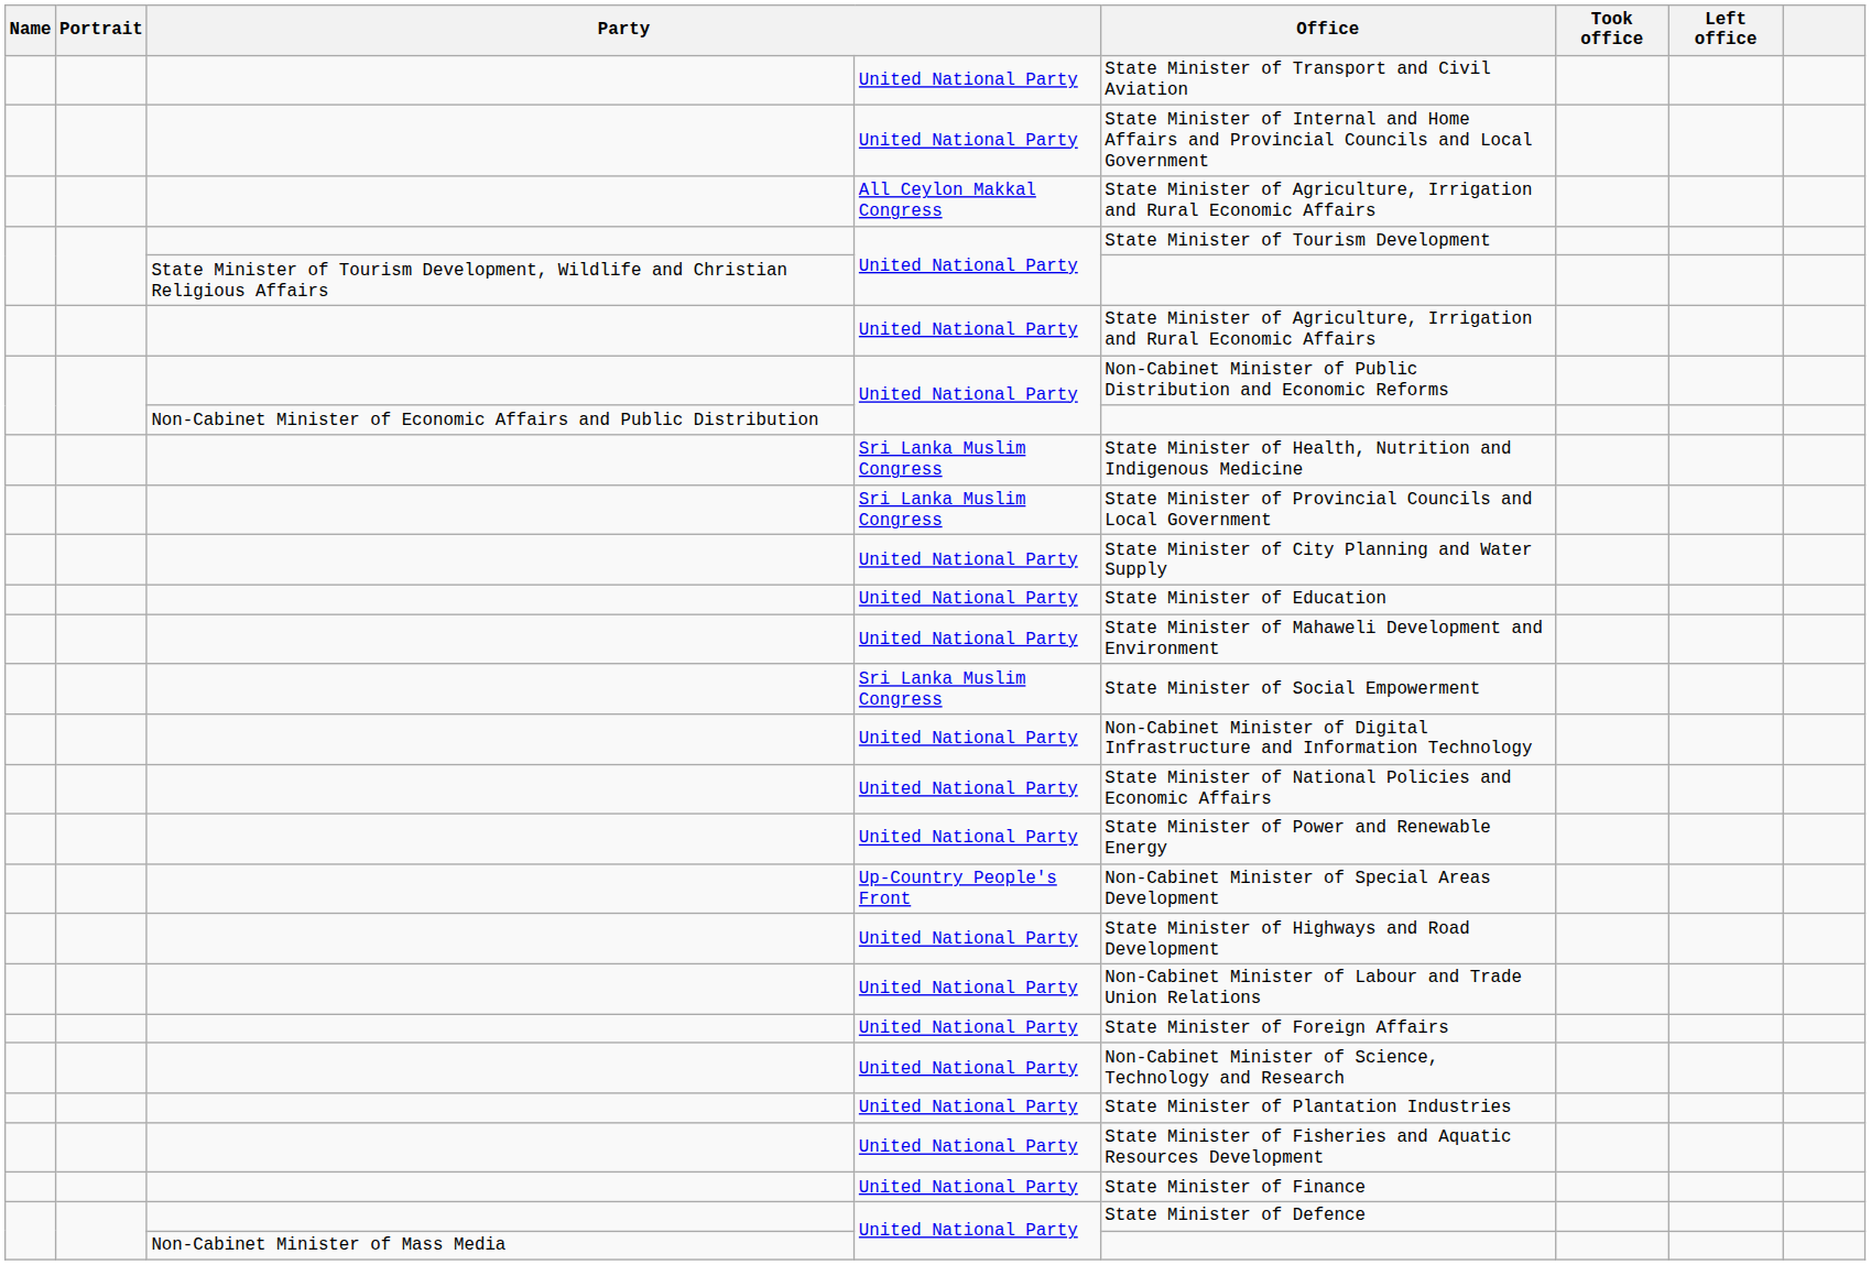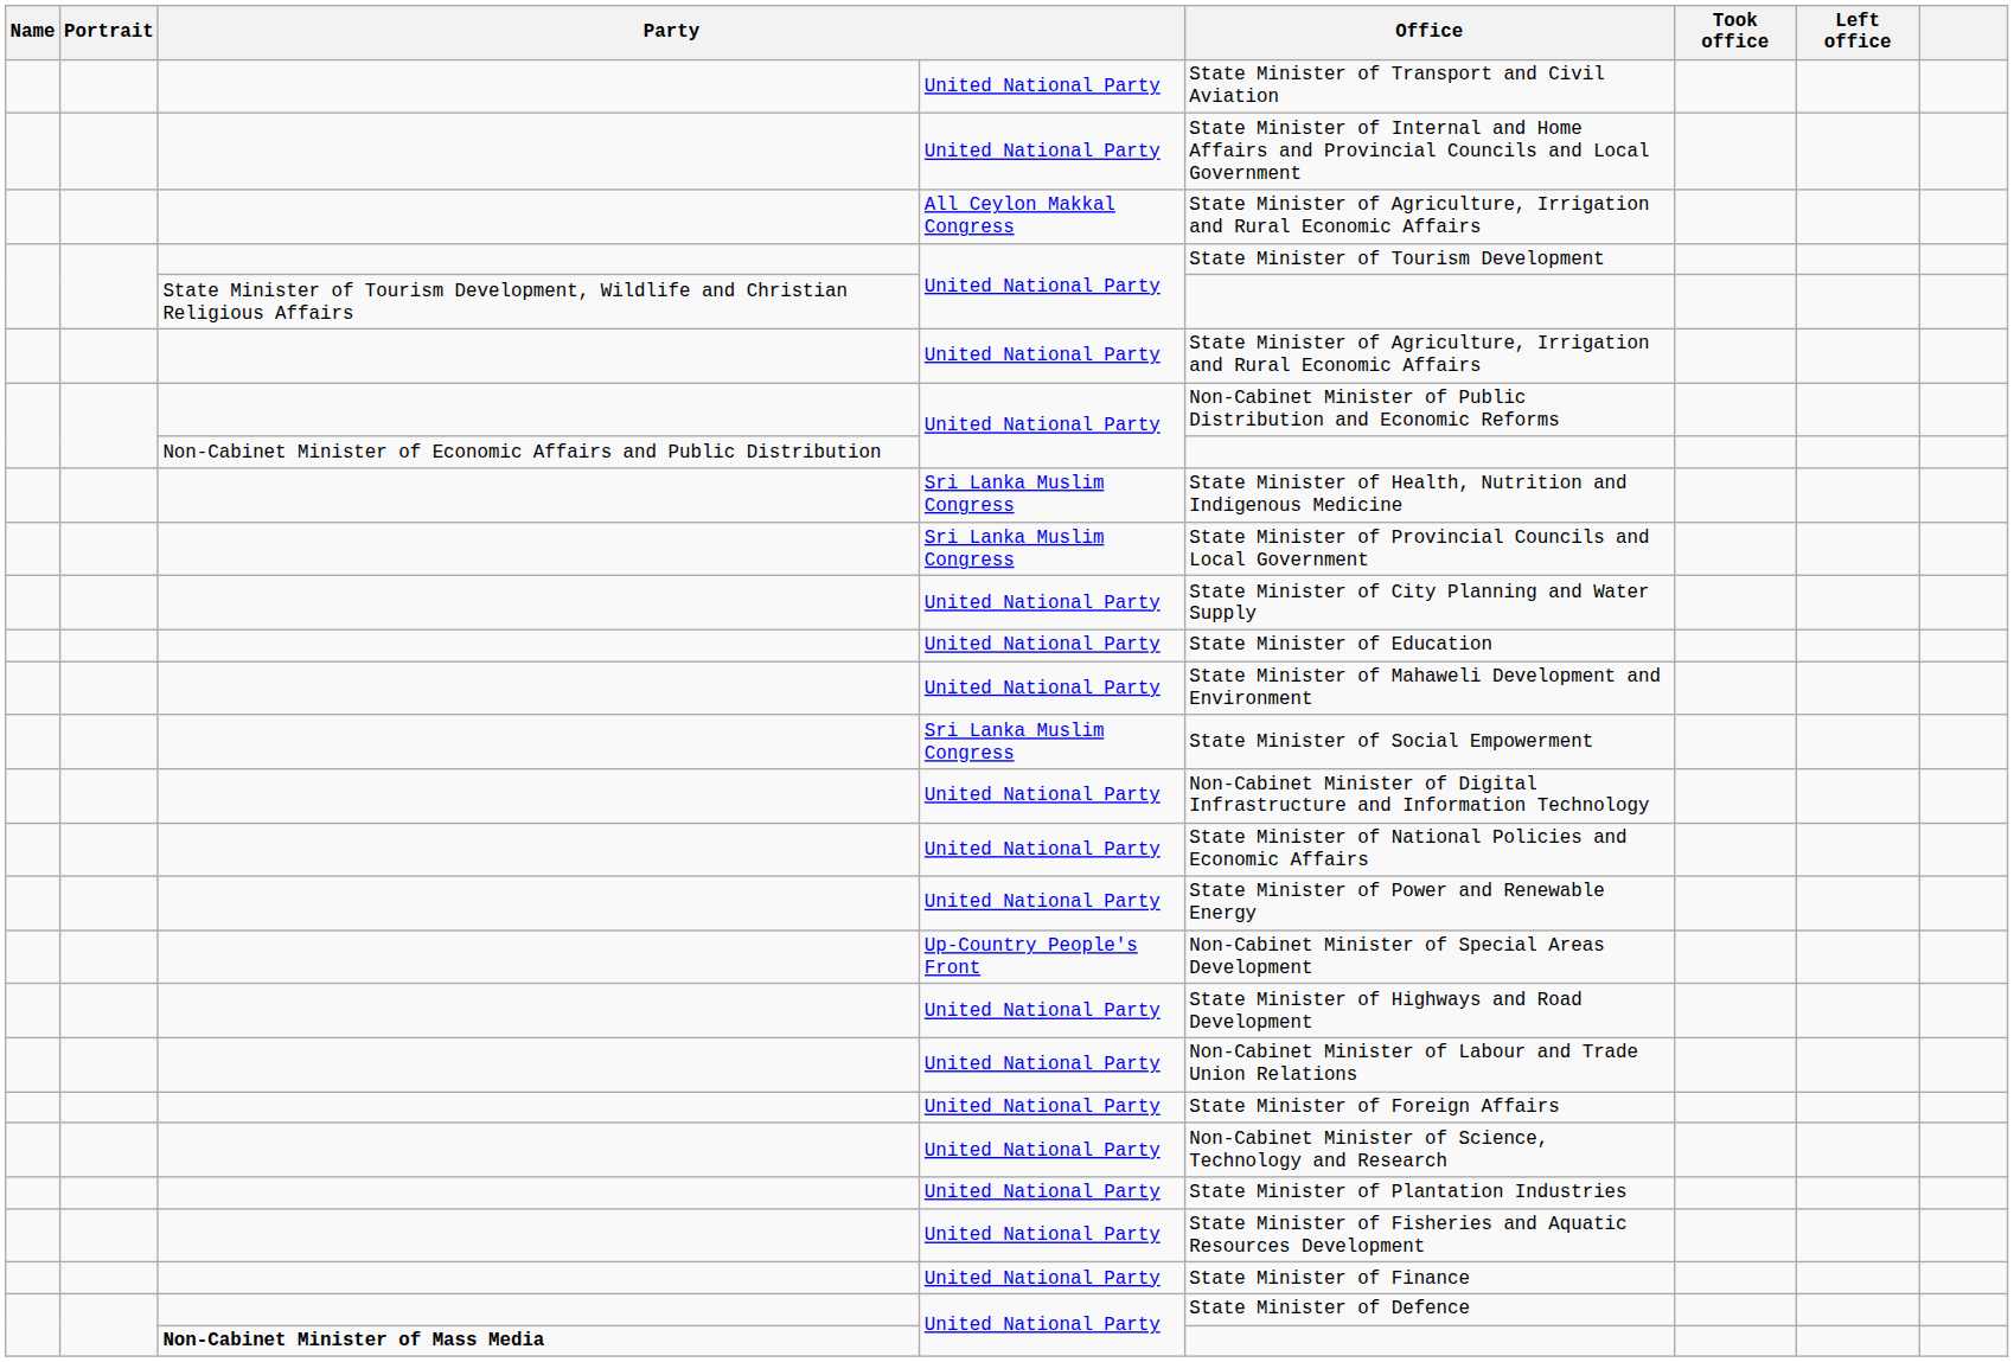 <table class="wikitable plainrowheaders sortable" style="font-size:90%; text-align:left;">
 <tr>
 <th scope=col>Name</th>
 <th scope=col class=unsortable>Portrait</th>
 <th scope=col colspan="2">Party</th>
 <th scope=col width=300px>Office</th>
 <th scope=col>Took office</th>
 <th scope=col>Left office</th>
 <th scope=col width=50px class=unsortable></th>
 </tr>
 <tr>
 <td></td>
 <td align=center></td>
 <td !align="center" style="background:"></td>
 <td><a href='#'>United National Party</a></td>
 <td>State Minister of Transport and Civil Aviation</td>
 <td align=center></td>
 <td align=center></td>
 <td align=center></td>
 </tr>
 <tr>
 <td></td>
 <td align=center></td>
 <td !align="center" style="background:"></td>
 <td><a href='#'>United National Party</a></td>
 <td>State Minister of Internal and Home Affairs and Provincial Councils and Local Government</td>
 <td align=center></td>
 <td align=center></td>
 <td align=center></td>
 </tr>
 <tr>
 <td></td>
 <td align=center></td>
 <td !align="center" style="background:"></td>
 <td><a href='#'>All Ceylon Makkal Congress</a></td>
 <td>State Minister of Agriculture, Irrigation and Rural Economic Affairs</td>
 <td align=center></td>
 <td align=center></td>
 <td align=center></td>
 </tr>
 <tr>
 <td rowspan=2></td>
 <td align=center rowspan=2></td>
 <td !align="center" style="background:"></td>
 <td rowspan=2><a href='#'>United National Party</a></td>
 <td>State Minister of Tourism Development</td>
 <td align=center></td>
 <td align=center></td>
 <td align=center></td>
 </tr>
 <tr>
 <td>State Minister of Tourism Development, Wildlife and Christian Religious Affairs</td>
 <td align=center></td>
 <td align=center></td>
 <td align=center></td>
 </tr>
 <tr>
 <td></td>
 <td align=center></td>
 <td !align="center" style="background:"></td>
 <td><a href='#'>United National Party</a></td>
 <td>State Minister of Agriculture, Irrigation and Rural Economic Affairs</td>
 <td align=center></td>
 <td align=center></td>
 <td align=center></td>
 </tr>
 <tr>
 <td rowspan=2></td>
 <td align=center rowspan=2></td>
 <td !align="center" style="background:"></td>
 <td rowspan=2><a href='#'>United National Party</a></td>
 <td>Non-Cabinet Minister of Public Distribution and Economic Reforms</td>
 <td align=center></td>
 <td align=center></td>
 <td align=center></td>
 </tr>
 <tr>
 <td>Non-Cabinet Minister of Economic Affairs and Public Distribution</td>
 <td align=center></td>
 <td align=center></td>
 <td align=center></td>
 </tr>
 <tr>
 <td></td>
 <td align=center></td>
 <td !align="center" style="background:"></td>
 <td><a href='#'>Sri Lanka Muslim Congress</a></td>
 <td>State Minister of Health, Nutrition and Indigenous Medicine</td>
 <td align=center></td>
 <td align=center></td>
 <td align=center></td>
 </tr>
 <tr>
 <td></td>
 <td align=center></td>
 <td !align="center" style="background:"></td>
 <td><a href='#'>Sri Lanka Muslim Congress</a></td>
 <td>State Minister of Provincial Councils and Local Government</td>
 <td align=center></td>
 <td align=center></td>
 <td align=center></td>
 </tr>
 <tr>
 <td></td>
 <td align=center></td>
 <td !align="center" style="background:"></td>
 <td><a href='#'>United National Party</a></td>
 <td>State Minister of City Planning and Water Supply</td>
 <td align=center></td>
 <td align=center></td>
 <td align=center></td>
 </tr>
 <tr>
 <td></td>
 <td align=center></td>
 <td !align="center" style="background:"></td>
 <td><a href='#'>United National Party</a></td>
 <td>State Minister of Education</td>
 <td align=center></td>
 <td align=center></td>
 <td align=center></td>
 </tr>
 <tr>
 <td></td>
 <td align=center></td>
 <td !align="center" style="background:"></td>
 <td><a href='#'>United National Party</a></td>
 <td>State Minister of Mahaweli Development and Environment</td>
 <td align=center></td>
 <td align=center></td>
 <td align=center></td>
 </tr>
 <tr>
 <td></td>
 <td align=center></td>
 <td !align="center" style="background:"></td>
 <td><a href='#'>Sri Lanka Muslim Congress</a></td>
 <td>State Minister of Social Empowerment</td>
 <td align=center></td>
 <td align=center></td>
 <td align=center></td>
 </tr>
 <tr>
 <td></td>
 <td align=center></td>
 <td !align="center" style="background:"></td>
 <td><a href='#'>United National Party</a></td>
 <td>Non-Cabinet Minister of Digital Infrastructure and Information Technology</td>
 <td align=center></td>
 <td align=center></td>
 <td align=center></td>
 </tr>
 <tr>
 <td></td>
 <td align=center></td>
 <td !align="center" style="background:"></td>
 <td><a href='#'>United National Party</a></td>
 <td>State Minister of National Policies and Economic Affairs</td>
 <td align=center></td>
 <td align=center></td>
 <td align=center></td>
 </tr>
 <tr>
 <td></td>
 <td align=center></td>
 <td !align="center" style="background:"></td>
 <td><a href='#'>United National Party</a></td>
 <td>State Minister of Power and Renewable Energy</td>
 <td align=center></td>
 <td align=center></td>
 <td align=center></td>
 </tr>
 <tr>
 <td></td>
 <td align=center></td>
 <td !align="center" style="background:"></td>
 <td><a href='#'>Up-Country People's Front</a></td>
 <td>Non-Cabinet Minister of Special Areas Development</td>
 <td align=center></td>
 <td align=center></td>
 <td align=center></td>
 </tr>
 <tr>
 <td></td>
 <td align=center></td>
 <td !align="center" style="background:"></td>
 <td><a href='#'>United National Party</a></td>
 <td>State Minister of Highways and Road Development</td>
 <td align=center></td>
 <td align=center></td>
 <td align=center></td>
 </tr>
 <tr>
 <td></td>
 <td align=center></td>
 <td !align="center" style="background:"></td>
 <td><a href='#'>United National Party</a></td>
 <td>Non-Cabinet Minister of Labour and Trade Union Relations</td>
 <td align=center></td>
 <td align=center></td>
 <td align=center></td>
 </tr>
 <tr>
 <td></td>
 <td align=center></td>
 <td !align="center" style="background:"></td>
 <td><a href='#'>United National Party</a></td>
 <td>State Minister of Foreign Affairs</td>
 <td align=center></td>
 <td align=center></td>
 <td align=center></td>
 </tr>
 <tr>
 <td></td>
 <td align=center></td>
 <td !align="center" style="background:"></td>
 <td><a href='#'>United National Party</a></td>
 <td>Non-Cabinet Minister of Science, Technology and Research</td>
 <td align=center></td>
 <td align=center></td>
 <td align=center></td>
 </tr>
 <tr>
 <td></td>
 <td align=center></td>
 <td !align="center" style="background:"></td>
 <td><a href='#'>United National Party</a></td>
 <td>State Minister of Plantation Industries</td>
 <td align=center></td>
 <td align=center></td>
 <td align=center></td>
 </tr>
 <tr>
 <td></td>
 <td align=center></td>
 <td !align="center" style="background:"></td>
 <td><a href='#'>United National Party</a></td>
 <td>State Minister of Fisheries and Aquatic Resources Development</td>
 <td align=center></td>
 <td align=center></td>
 <td align=center></td>
 </tr>
 <tr>
 <td></td>
 <td align=center></td>
 <td !align="center" style="background:"></td>
 <td><a href='#'>United National Party</a></td>
 <td>State Minister of Finance</td>
 <td align=center></td>
 <td align=center></td>
 <td align=center></td>
 </tr>
 <tr>
 <td rowspan=2></td>
 <td align=center rowspan=2></td>
 <td !align="center" style="background:"></td>
 <td rowspan=2><a href='#'>United National Party</a></td>
 <td>State Minister of Defence</td>
 <td align=center></td>
 <td align=center></td>
 <td align=center></td>
 </tr>
 <tr>
-<td>Non-Cabinet Minister of Mass Media</td>
+<td><strong>Non-Cabinet Minister of Mass Media</strong></td>
 <td align=center></td>
 <td align=center></td>
 <td align=center></td>
 </tr>
 </table>
